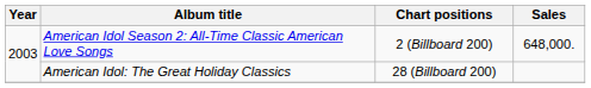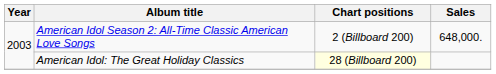 <table class="wikitable">
 <tr>
 <th width="30">Year</th>
 <th width="400">Album title</th>
 <th width="160">Chart positions</th>
 <th width="80">Sales</th>
 </tr>
 <tr>
 <td rowspan="2">2003</td>
 <td><em><a href='#'>American Idol Season 2: All-Time Classic American Love Songs</a></em></td>
 <td align="center">2 (<em>Billboard</em> 200)</td>
 <td align="center">648,000.</td>
 </tr>
 <tr>
 <td><em>American Idol: The Great Holiday Classics</em></td>
-<td align="center">28 (<em>Billboard</em> 200)</td>
+<td align="center" style="background: lightyellow;">28 (<em>Billboard</em> 200)</td>
 <td align="center"></td>
 </tr>
 <tr>
 </tr>
 </table>
